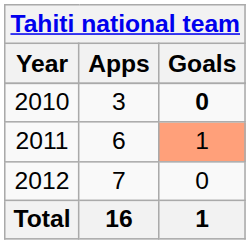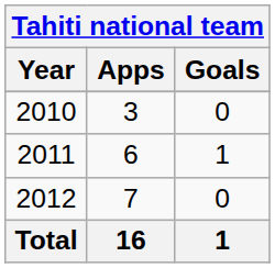 <table class="wikitable" style="text-align:center">
 <tr>
 <th colspan=3><a href='#'>Tahiti national team</a></th>
 </tr>
 <tr>
 <th>Year</th>
 <th>Apps</th>
 <th>Goals</th>
 </tr>
 <tr>
 </tr>
 <tr>
 <td>2010</td>
 <td>3</td>
-<td><strong>0</strong></td>
+<td>0</td>
 </tr>
 <tr>
 <td>2011</td>
 <td>6</td>
-<td style="background: lightsalmon;">1</td>
+<td>1</td>
 </tr>
 <tr>
 <td>2012</td>
 <td>7</td>
 <td>0</td>
 </tr>
 <tr>
 <th>Total</th>
 <th>16</th>
 <th>1</th>
 </tr>
 </table>
